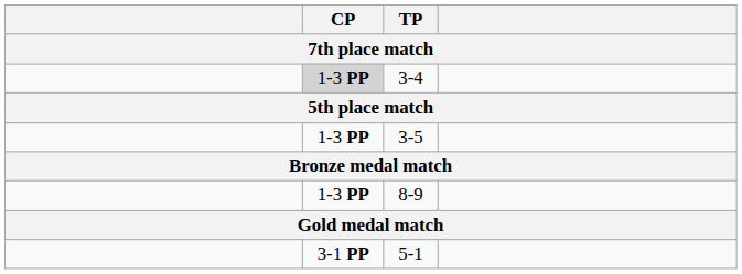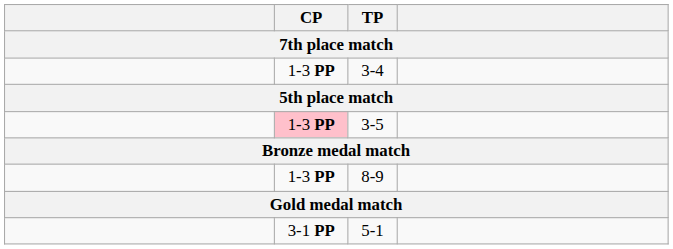 <table class="wikitable" style="text-align: center;" |>
 <tr>
 <th width="250"></th>
 <th width="62">CP</th>
 <th width="40">TP</th>
 <th width="250"></th>
 </tr>
 <tr>
 <th colspan="5">7th place match</th>
 </tr>
 <tr>
 <td style="text-align:left;"></td>
-<td style="background: lightgrey;">1-3 <strong>PP</strong></td>
+<td>1-3 <strong>PP</strong></td>
 <td>3-4</td>
 <td style="text-align:left;"><strong></strong></td>
 </tr>
 <tr>
 <th colspan="5">5th place match</th>
 </tr>
 <tr>
 <td style="text-align:left;"></td>
-<td>1-3 <strong>PP</strong></td>
+<td style="background: pink;">1-3 <strong>PP</strong></td>
 <td>3-5</td>
 <td style="text-align:left;"><strong></strong></td>
 </tr>
 <tr>
 <th colspan="5">Bronze medal match</th>
 </tr>
 <tr>
 <td style="text-align:left;"></td>
 <td>1-3 <strong>PP</strong></td>
 <td>8-9</td>
 <td style="text-align:left;"><strong></strong></td>
 </tr>
 <tr>
 <th colspan="5">Gold medal match</th>
 </tr>
 <tr>
 <td style="text-align:left;"><strong></strong></td>
 <td>3-1 <strong>PP</strong></td>
 <td>5-1</td>
 <td style="text-align:left;"></td>
 </tr>
 </table>
